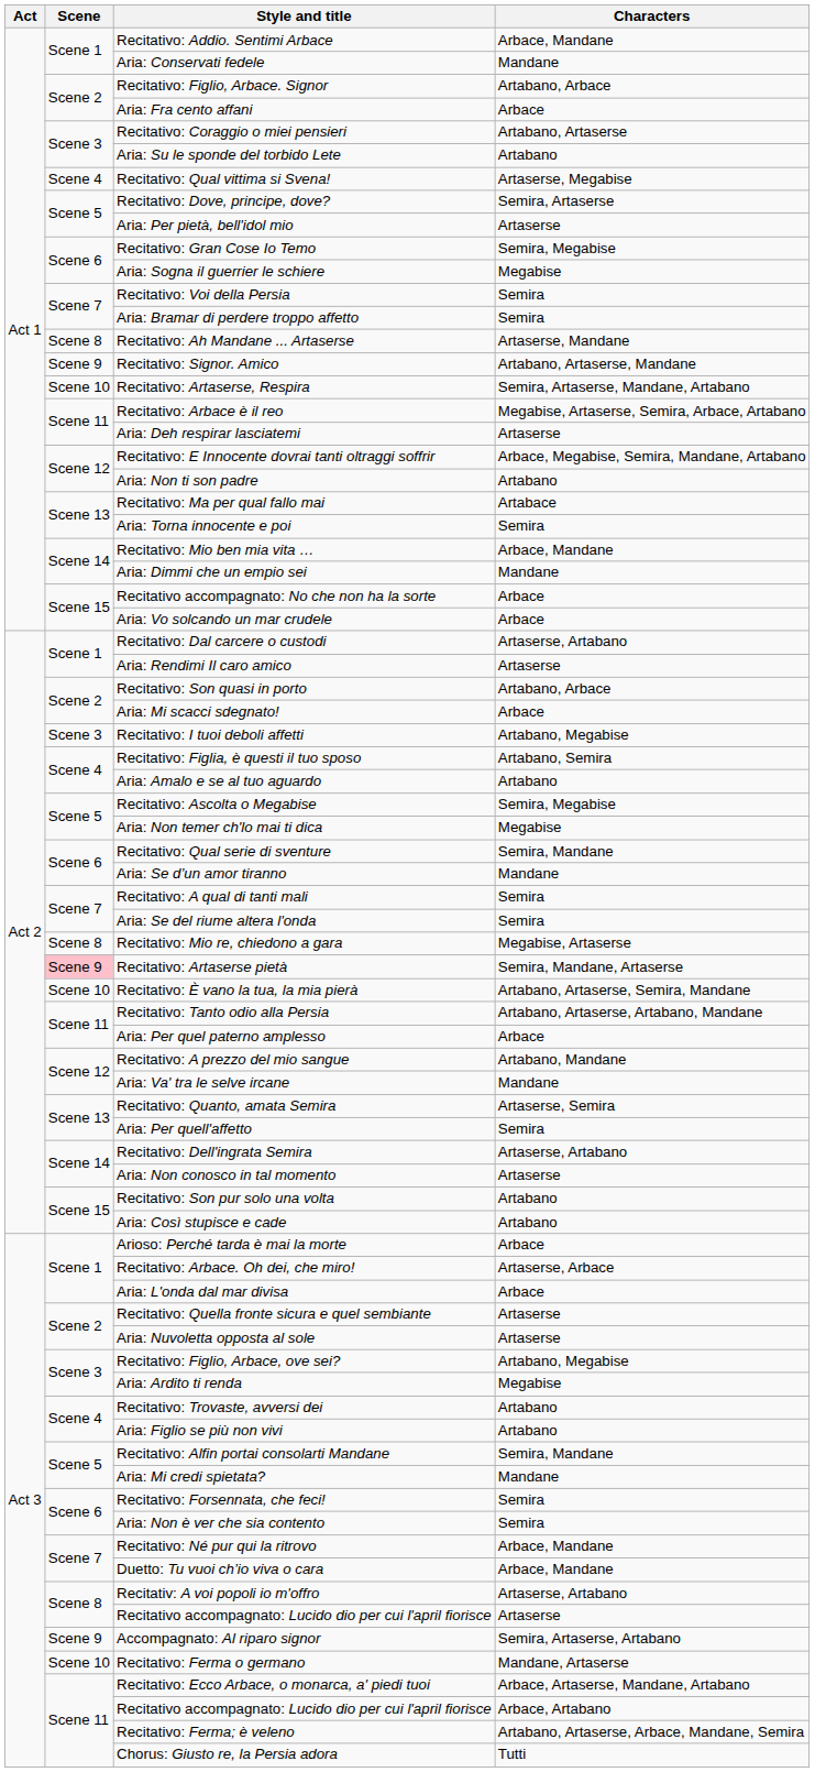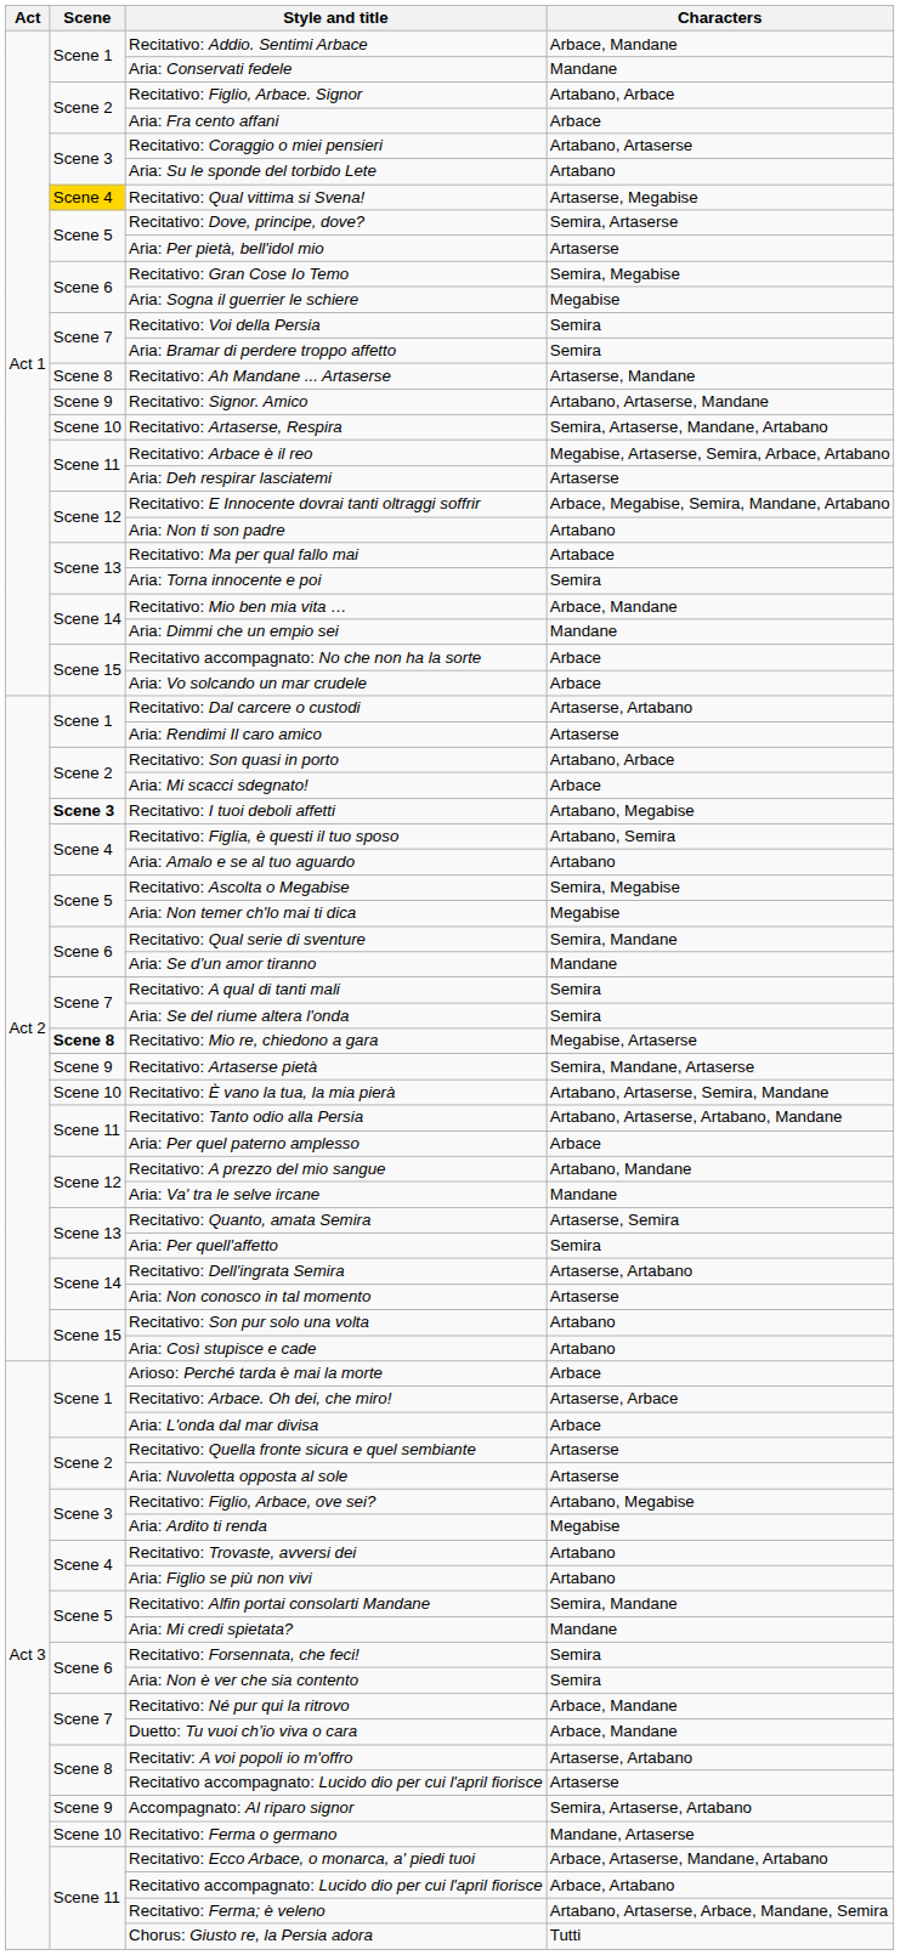 <table class="wikitable">
 <tr>
 <th>Act</th>
 <th>Scene</th>
 <th>Style and title</th>
 <th>Characters</th>
 </tr>
 <tr>
 <td rowspan="26">Act 1</td>
 <td rowspan="2">Scene 1</td>
 <td>Recitativo: <em>Addio. Sentimi Arbace</em></td>
 <td>Arbace, Mandane</td>
 </tr>
 <tr>
 <td>Aria: <em>Conservati fedele</em></td>
 <td>Mandane</td>
 </tr>
 <tr>
 <td rowspan="2">Scene 2</td>
 <td>Recitativo: <em>Figlio, Arbace. Signor </em></td>
 <td>Artabano, Arbace</td>
 </tr>
 <tr>
 <td>Aria: <em>Fra cento affani</em></td>
 <td>Arbace</td>
 </tr>
 <tr>
 <td rowspan="2">Scene 3</td>
 <td>Recitativo: <em>Coraggio o miei pensieri</em></td>
 <td>Artabano, Artaserse</td>
 </tr>
 <tr>
 <td>Aria: <em>Su le sponde del torbido Lete</em></td>
 <td>Artabano</td>
 </tr>
 <tr>
-<td rowspan="1">Scene 4</td>
+<td rowspan="1" style="background: gold;">Scene 4</td>
 <td>Recitativo: <em>Qual vittima si Svena!</em></td>
 <td>Artaserse, Megabise</td>
 </tr>
 <tr>
 <td rowspan="2">Scene 5</td>
 <td>Recitativo: <em>Dove, principe, dove?</em></td>
 <td>Semira, Artaserse</td>
 </tr>
 <tr>
 <td>Aria: <em>Per pietà, bell'idol mio</em></td>
 <td>Artaserse</td>
 </tr>
 <tr>
 <td rowspan="2">Scene 6</td>
 <td>Recitativo: <em>Gran Cose Io Temo</em></td>
 <td>Semira, Megabise</td>
 </tr>
 <tr>
 <td>Aria: <em>Sogna il guerrier le schiere</em></td>
 <td>Megabise</td>
 </tr>
 <tr>
 <td rowspan="2">Scene 7</td>
 <td>Recitativo: <em>Voi della Persia</em></td>
 <td>Semira</td>
 </tr>
 <tr>
 <td>Aria: <em>Bramar di perdere troppo affetto</em></td>
 <td>Semira</td>
 </tr>
 <tr>
 <td rowspan="1">Scene 8</td>
 <td>Recitativo: <em>Ah Mandane ... Artaserse</em></td>
 <td>Artaserse, Mandane</td>
 </tr>
 <tr>
 <td rowspan="1">Scene 9</td>
 <td>Recitativo: <em>Signor. Amico</em></td>
 <td>Artabano, Artaserse, Mandane</td>
 </tr>
 <tr>
 <td rowspan="1">Scene 10</td>
 <td>Recitativo: <em>Artaserse, Respira</em></td>
 <td>Semira, Artaserse, Mandane, Artabano</td>
 </tr>
 <tr>
 <td rowspan="2">Scene 11</td>
 <td>Recitativo: <em>Arbace è il reo</em></td>
 <td>Megabise, Artaserse, Semira, Arbace, Artabano</td>
 </tr>
 <tr>
 <td>Aria: <em>Deh respirar lasciatemi</em></td>
 <td>Artaserse</td>
 </tr>
 <tr>
 <td rowspan="2">Scene 12</td>
 <td>Recitativo: <em>E Innocente dovrai tanti oltraggi soffrir</em></td>
 <td>Arbace, Megabise, Semira, Mandane, Artabano</td>
 </tr>
 <tr>
 <td>Aria: <em>Non ti son padre</em></td>
 <td>Artabano</td>
 </tr>
 <tr>
 <td rowspan="2">Scene 13</td>
 <td>Recitativo: <em>Ma per qual fallo mai</em></td>
 <td>Artabace</td>
 </tr>
 <tr>
 <td>Aria: <em>Torna innocente e poi</em></td>
 <td>Semira</td>
 </tr>
 <tr>
 <td rowspan="2">Scene 14</td>
 <td>Recitativo: <em>Mio ben mia vita …</em></td>
 <td>Arbace, Mandane</td>
 </tr>
 <tr>
 <td>Aria: <em>Dimmi che un empio sei</em></td>
 <td>Mandane</td>
 </tr>
 <tr>
 <td rowspan="2">Scene 15</td>
 <td>Recitativo accompagnato: <em>No che non ha la sorte</em></td>
 <td>Arbace</td>
 </tr>
 <tr>
 <td>Aria: <em>Vo solcando un mar crudele</em></td>
 <td>Arbace</td>
 </tr>
 <tr>
 <td rowspan="26">Act 2</td>
 <td rowspan="2">Scene 1</td>
 <td>Recitativo: <em>Dal carcere o custodi</em></td>
 <td>Artaserse, Artabano</td>
 </tr>
 <tr>
 <td>Aria: <em>Rendimi Il caro amico</em></td>
 <td>Artaserse</td>
 </tr>
 <tr>
 <td rowspan="2">Scene 2</td>
 <td>Recitativo: <em>Son quasi in porto</em></td>
 <td>Artabano, Arbace</td>
 </tr>
 <tr>
 <td>Aria: <em>Mi scacci sdegnato!</em></td>
 <td>Arbace</td>
 </tr>
 <tr>
-<td rowspan="1">Scene 3</td>
+<td rowspan="1"><strong>Scene 3</strong></td>
 <td>Recitativo: <em>I tuoi deboli affetti</em></td>
 <td>Artabano, Megabise</td>
 </tr>
 <tr>
 <td rowspan="2">Scene 4</td>
 <td>Recitativo: <em>Figlia, è questi il tuo sposo</em></td>
 <td>Artabano, Semira</td>
 </tr>
 <tr>
 <td>Aria: <em>Amalo e se al tuo aguardo</em></td>
 <td>Artabano</td>
 </tr>
 <tr>
 <td rowspan="2">Scene 5</td>
 <td>Recitativo: <em>Ascolta o Megabise</em></td>
 <td>Semira, Megabise</td>
 </tr>
 <tr>
 <td>Aria: <em>Non temer ch'lo mai ti dica</em></td>
 <td>Megabise</td>
 </tr>
 <tr>
 <td rowspan="2">Scene 6</td>
 <td>Recitativo: <em>Qual serie di sventure</em></td>
 <td>Semira, Mandane</td>
 </tr>
 <tr>
 <td>Aria: <em>Se d’un amor tiranno</em></td>
 <td>Mandane</td>
 </tr>
 <tr>
 <td rowspan="2">Scene 7</td>
 <td>Recitativo: <em>A qual di tanti mali</em></td>
 <td>Semira</td>
 </tr>
 <tr>
 <td>Aria: <em>Se del riume altera l'onda</em></td>
 <td>Semira</td>
 </tr>
 <tr>
-<td rowspan="1">Scene 8</td>
+<td rowspan="1"><strong>Scene 8</strong></td>
 <td>Recitativo: <em>Mio re, chiedono a gara</em></td>
 <td>Megabise, Artaserse</td>
 </tr>
 <tr>
-<td rowspan="1" style="background: pink;">Scene 9</td>
+<td rowspan="1">Scene 9</td>
 <td>Recitativo: <em>Artaserse pietà</em></td>
 <td>Semira, Mandane, Artaserse</td>
 </tr>
 <tr>
 <td rowspan="1">Scene 10</td>
 <td>Recitativo: <em>È vano la tua, la mia pierà</em></td>
 <td>Artabano, Artaserse, Semira, Mandane</td>
 </tr>
 <tr>
 <td rowspan="2">Scene 11</td>
 <td>Recitativo: <em>Tanto odio alla Persia</em></td>
 <td>Artabano, Artaserse, Artabano, Mandane</td>
 </tr>
 <tr>
 <td>Aria: <em>Per quel paterno amplesso</em></td>
 <td>Arbace</td>
 </tr>
 <tr>
 <td rowspan="2">Scene 12</td>
 <td>Recitativo: <em>A prezzo del mio sangue</em></td>
 <td>Artabano, Mandane</td>
 </tr>
 <tr>
 <td>Aria: <em>Va' tra le selve ircane</em></td>
 <td>Mandane</td>
 </tr>
 <tr>
 <td rowspan="2">Scene 13</td>
 <td>Recitativo: <em>Quanto, amata Semira</em></td>
 <td>Artaserse, Semira</td>
 </tr>
 <tr>
 <td>Aria: <em>Per quell'affetto</em></td>
 <td>Semira</td>
 </tr>
 <tr>
 <td rowspan="2">Scene 14</td>
 <td>Recitativo: <em>Dell'ingrata Semira</em></td>
 <td>Artaserse, Artabano</td>
 </tr>
 <tr>
 <td>Aria: <em>Non conosco in tal momento</em></td>
 <td>Artaserse</td>
 </tr>
 <tr>
 <td rowspan="2">Scene 15</td>
 <td>Recitativo: <em>Son pur solo una volta</em></td>
 <td>Artabano</td>
 </tr>
 <tr>
 <td>Aria: <em>Così stupisce e cade</em></td>
 <td>Artabano</td>
 </tr>
 <tr>
 <td rowspan="23">Act 3</td>
 <td rowspan="3">Scene 1</td>
 <td>Arioso: <em>Perché tarda è mai la morte</em></td>
 <td>Arbace</td>
 </tr>
 <tr>
 <td>Recitativo: <em>Arbace. Oh dei, che miro!</em></td>
 <td>Artaserse, Arbace</td>
 </tr>
 <tr>
 <td>Aria: <em>L'onda dal mar divisa</em></td>
 <td>Arbace</td>
 </tr>
 <tr>
 <td rowspan="2">Scene 2</td>
 <td>Recitativo: <em>Quella fronte sicura e quel sembiante</em></td>
 <td>Artaserse</td>
 </tr>
 <tr>
 <td>Aria: <em>Nuvoletta opposta al sole</em></td>
 <td>Artaserse</td>
 </tr>
 <tr>
 <td rowspan="2">Scene 3</td>
 <td>Recitativo: <em>Figlio, Arbace, ove sei?</em></td>
 <td>Artabano, Megabise</td>
 </tr>
 <tr>
 <td>Aria: <em>Ardito ti renda</em></td>
 <td>Megabise</td>
 </tr>
 <tr>
 <td rowspan="2">Scene 4</td>
 <td>Recitativo: <em>Trovaste, avversi dei</em></td>
 <td>Artabano</td>
 </tr>
 <tr>
 <td>Aria: <em>Figlio se più non vivi</em></td>
 <td>Artabano</td>
 </tr>
 <tr>
 <td rowspan="2">Scene 5</td>
 <td>Recitativo: <em>Alfin portai consolarti Mandane</em></td>
 <td>Semira, Mandane</td>
 </tr>
 <tr>
 <td>Aria: <em>Mi credi spietata?</em></td>
 <td>Mandane</td>
 </tr>
 <tr>
 <td rowspan="2">Scene 6</td>
 <td>Recitativo: <em>Forsennata, che feci!</em></td>
 <td>Semira</td>
 </tr>
 <tr>
 <td>Aria: <em>Non è ver che sia contento</em></td>
 <td>Semira</td>
 </tr>
 <tr>
 <td rowspan="2">Scene 7</td>
 <td>Recitativo: <em>Né pur qui la ritrovo</em></td>
 <td>Arbace, Mandane</td>
 </tr>
 <tr>
 <td>Duetto: <em>Tu vuoi ch’io viva o cara</em></td>
 <td>Arbace, Mandane</td>
 </tr>
 <tr>
 <td rowspan="2">Scene 8</td>
 <td>Recitativ: <em>A voi popoli io m'offro</em></td>
 <td>Artaserse, Artabano</td>
 </tr>
 <tr>
 <td>Recitativo accompagnato: <em>Lucido dio per cui l'april fiorisce</em></td>
 <td>Artaserse</td>
 </tr>
 <tr>
 <td rowspan="1">Scene 9</td>
 <td>Accompagnato: <em>Al riparo signor</em></td>
 <td>Semira, Artaserse, Artabano</td>
 </tr>
 <tr>
 <td rowspan="1">Scene 10</td>
 <td>Recitativo: <em>Ferma o germano</em></td>
 <td>Mandane, Artaserse</td>
 </tr>
 <tr>
 <td rowspan="4">Scene 11</td>
 <td>Recitativo: <em>Ecco Arbace, o monarca, a' piedi tuoi</em></td>
 <td>Arbace, Artaserse, Mandane, Artabano</td>
 </tr>
 <tr>
 <td>Recitativo accompagnato: <em>Lucido dio per cui l'april fiorisce</em></td>
 <td>Arbace, Artabano</td>
 </tr>
 <tr>
 <td>Recitativo: <em>Ferma; è veleno</em></td>
 <td>Artabano, Artaserse, Arbace, Mandane, Semira</td>
 </tr>
 <tr>
 <td>Chorus: <em>Giusto re, la Persia adora</em></td>
 <td>Tutti</td>
 </tr>
 </table>
